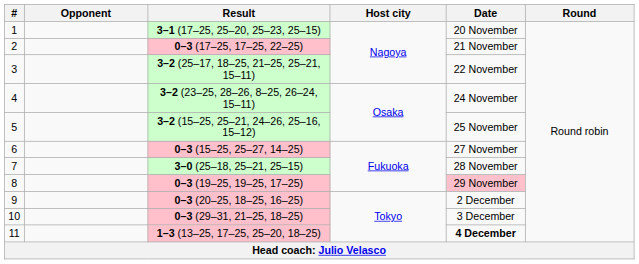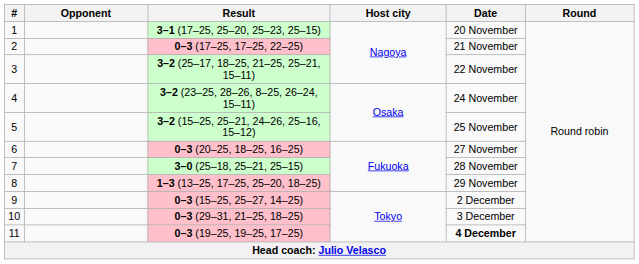 <table class="wikitable" style="text-align: center;font-size:90%;">
 <tr>
 <th width=20>#</th>
 <th width=160>Opponent</th>
 <th width=240>Result</th>
 <th width=150>Host city</th>
 <th width=100>Date</th>
 <th width=140>Round</th>
 </tr>
 <tr>
 <td>1</td>
 <td align=left></td>
 <td bgcolor=ccffcc><strong>3–1</strong> (17–25, 25–20, 25–23, 25–15)</td>
 <td rowspan=3> <a href='#'>Nagoya</a></td>
 <td>20 November</td>
 <td rowspan=11>Round robin</td>
 </tr>
 <tr>
 <td>2</td>
 <td align=left></td>
 <td bgcolor=pink><strong>0–3</strong> (17–25, 17–25, 22–25)</td>
 <td>21 November</td>
 </tr>
 <tr>
 <td>3</td>
 <td align=left></td>
 <td bgcolor=ccffcc><strong>3–2</strong> (25–17, 18–25, 21–25, 25–21, 15–11)</td>
 <td>22 November</td>
 </tr>
 <tr>
 <td>4</td>
 <td align=left></td>
 <td bgcolor=ccffcc><strong>3–2</strong> (23–25, 28–26, 8–25, 26–24, 15–11)</td>
 <td rowspan=2> <a href='#'>Osaka</a></td>
 <td>24 November</td>
 </tr>
 <tr>
 <td>5</td>
 <td align=left></td>
 <td bgcolor=ccffcc><strong>3–2</strong> (15–25, 25–21, 24–26, 25–16, 15–12)</td>
 <td>25 November</td>
 </tr>
 <tr>
 <td>6</td>
 <td align=left></td>
-<td bgcolor=pink><strong>0–3</strong> (15–25, 25–27, 14–25)</td>
+<td bgcolor=pink><strong>0–3</strong> (20–25, 18–25, 16–25)</td>
 <td rowspan=3> <a href='#'>Fukuoka</a></td>
 <td>27 November</td>
 </tr>
 <tr>
 <td>7</td>
 <td align=left></td>
 <td bgcolor=ccffcc><strong>3–0</strong> (25–18, 25–21, 25–15)</td>
 <td>28 November</td>
 </tr>
 <tr>
 <td>8</td>
 <td align=left></td>
-<td bgcolor=pink><strong>0–3</strong> (19–25, 19–25, 17–25)</td>
-<td style="background: pink;">29 November</td>
+<td bgcolor=pink><strong>1–3</strong> (13–25, 17–25, 25–20, 18–25)</td>
+<td>29 November</td>
 </tr>
 <tr>
 <td>9</td>
 <td align=left></td>
-<td bgcolor=pink><strong>0–3</strong> (20–25, 18–25, 16–25)</td>
+<td bgcolor=pink><strong>0–3</strong> (15–25, 25–27, 14–25)</td>
 <td rowspan=3> <a href='#'>Tokyo</a></td>
 <td>2 December</td>
 </tr>
 <tr>
 <td>10</td>
 <td align=left></td>
 <td bgcolor=pink><strong>0–3</strong> (29–31, 21–25, 18–25)</td>
 <td>3 December</td>
 </tr>
 <tr>
 <td>11</td>
 <td align=left></td>
-<td bgcolor=pink><strong>1–3</strong> (13–25, 17–25, 25–20, 18–25)</td>
+<td bgcolor=pink><strong>0–3</strong> (19–25, 19–25, 17–25)</td>
 <td><strong>4 December</strong></td>
 </tr>
 <tr>
 <th colspan=6>Head coach:  <a href='#'>Julio Velasco</a></th>
 </tr>
 </table>
